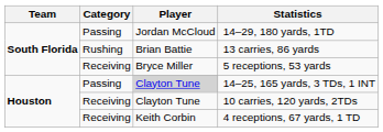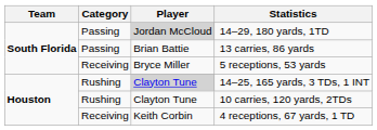 <table class="wikitable" style="float: left;">
 <tr>
 <th>Team</th>
 <th>Category</th>
 <th>Player</th>
 <th>Statistics</th>
 </tr>
 <tr>
 <td rowspan=3><strong>South Florida</strong></td>
 <td>Passing</td>
-<td>Jordan McCloud</td>
+<td style="background: lightgrey;">Jordan McCloud</td>
 <td> 14–29, 180 yards, 1TD</td>
 </tr>
 <tr>
-<td>Rushing</td>
+<td>Passing</td>
 <td>Brian Battie</td>
 <td> 13 carries, 86 yards</td>
 </tr>
 <tr>
 <td>Receiving</td>
 <td>Bryce Miller</td>
 <td> 5 receptions, 53 yards</td>
 </tr>
 <tr>
 <td rowspan=3><strong>Houston</strong></td>
-<td>Passing</td>
+<td>Rushing</td>
 <td style="background: lightgrey;"><a href='#'>Clayton Tune</a></td>
 <td> 14–25, 165 yards, 3 TDs, 1 INT</td>
 </tr>
 <tr>
-<td>Receiving</td>
+<td>Rushing</td>
 <td>Clayton Tune</td>
 <td> 10 carries, 120 yards, 2TDs</td>
 </tr>
 <tr>
 <td>Receiving</td>
 <td>Keith Corbin</td>
 <td> 4 receptions, 67 yards, 1 TD</td>
 </tr>
 </table>
